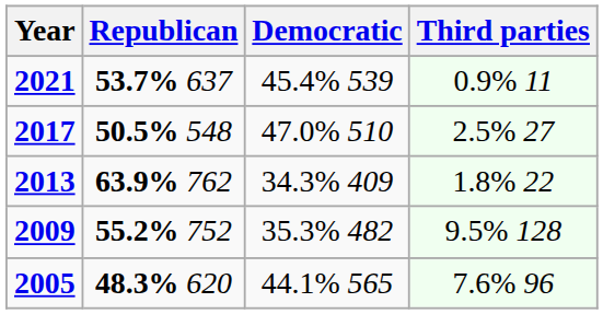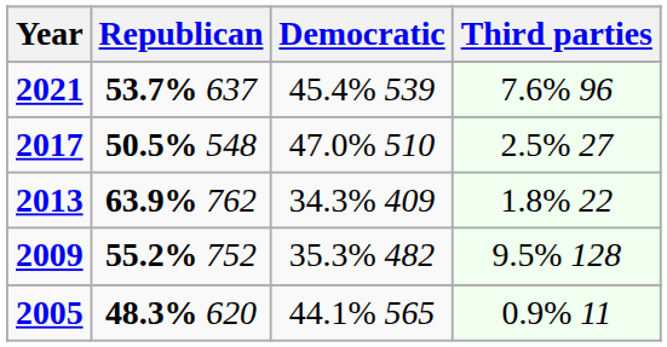 <table class="wikitable" style="float:right; font-size:95%;">
 <tr bgcolor=lightgrey>
 <th>Year</th>
 <th><a href='#'>Republican</a></th>
 <th><a href='#'>Democratic</a></th>
 <th><a href='#'>Third parties</a></th>
 </tr>
 <tr>
 <td style="text-align:center; "><strong><a href='#'>2021</a></strong></td>
 <td style="text-align:center; "><strong>53.7%</strong> <em>637</em></td>
 <td style="text-align:center; ">45.4%  <em>539</em></td>
-<td style="text-align:center; background:honeyDew;">0.9% <em>11</em></td>
+<td style="text-align:center; background:honeyDew;">7.6% <em>96</em></td>
 </tr>
 <tr>
 <td style="text-align:center; "><strong><a href='#'>2017</a></strong></td>
 <td style="text-align:center; "><strong>50.5%</strong> <em>548</em></td>
 <td style="text-align:center; ">47.0%  <em>510</em></td>
 <td style="text-align:center; background:honeyDew;">2.5% <em>27</em></td>
 </tr>
 <tr>
 <td style="text-align:center; "><strong><a href='#'>2013</a></strong></td>
 <td style="text-align:center; "><strong>63.9%</strong> <em>762</em></td>
 <td style="text-align:center; ">34.3%  <em>409</em></td>
 <td style="text-align:center; background:honeyDew;">1.8% <em>22</em></td>
 </tr>
 <tr>
 <td style="text-align:center; "><strong><a href='#'>2009</a></strong></td>
 <td style="text-align:center; "><strong>55.2%</strong> <em>752</em></td>
 <td style="text-align:center; ">35.3%  <em>482</em></td>
 <td style="text-align:center; background:honeyDew;">9.5% <em>128</em></td>
 </tr>
 <tr>
 <td style="text-align:center; "><strong><a href='#'>2005</a></strong></td>
 <td style="text-align:center; "><strong>48.3%</strong> <em>620</em></td>
 <td style="text-align:center; ">44.1%  <em>565</em></td>
-<td style="text-align:center; background:honeyDew;">7.6% <em>96</em></td>
+<td style="text-align:center; background:honeyDew;">0.9% <em>11</em></td>
 </tr>
 </table>
